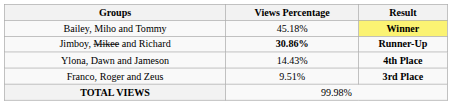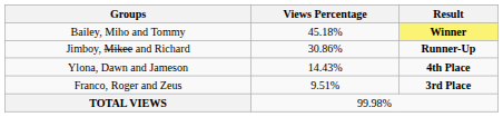 <table class="wikitable" style="text-align:center; font-size:90%; line-height:16px;" width="40%">
 <tr>
 <th width="50%">Groups</th>
 <th width="30%">Views Percentage</th>
 <th width="30%">Result</th>
 </tr>
 <tr>
 <td>Bailey, Miho and Tommy</td>
 <td>45.18%</td>
 <td align="center" bgcolor="#FBF373"><strong>Winner</strong></td>
 </tr>
 <tr>
 <td>Jimboy, <s>Mikee</s> and Richard</td>
-<td><strong>30.86%</strong></td>
+<td>30.86%</td>
 <td align="center"><strong>Runner-Up</strong></td>
 </tr>
 <tr>
 <td>Ylona, Dawn and Jameson</td>
 <td>14.43%</td>
 <td align="center"><strong>4th Place</strong></td>
 </tr>
 <tr>
 <td>Franco, Roger and Zeus</td>
 <td>9.51%</td>
 <td align="center"><strong>3rd Place</strong></td>
 </tr>
 <tr>
 <th>TOTAL VIEWS</th>
 <td colspan="2">99.98%</td>
 </tr>
 </table>
